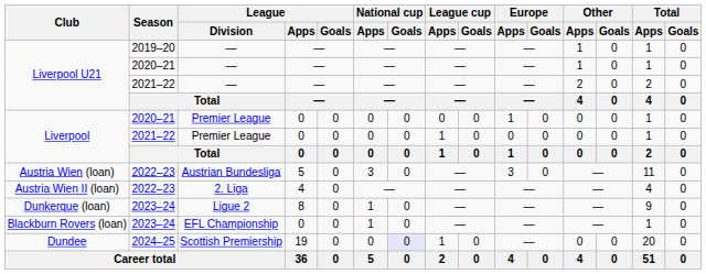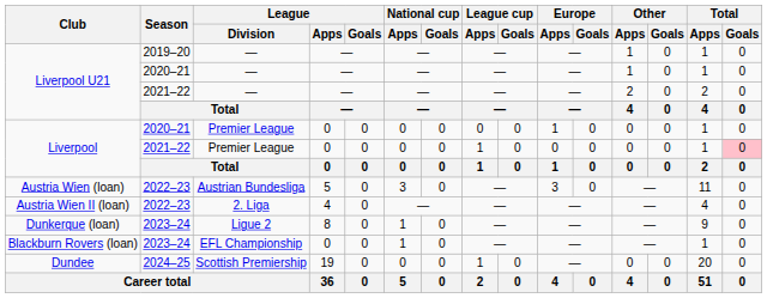 <table class="wikitable" style="text-align:center">
 <tr>
 <th rowspan=2>Club</th>
 <th rowspan=2>Season</th>
 <th colspan=3>League</th>
 <th colspan=2>National cup</th>
 <th colspan=2>League cup</th>
 <th colspan=2>Europe</th>
 <th colspan=2>Other</th>
 <th colspan=2>Total</th>
 </tr>
 <tr>
 <th>Division</th>
 <th>Apps</th>
 <th>Goals</th>
 <th>Apps</th>
 <th>Goals</th>
 <th>Apps</th>
 <th>Goals</th>
 <th>Apps</th>
 <th>Goals</th>
 <th>Apps</th>
 <th>Goals</th>
 <th>Apps</th>
 <th>Goals</th>
 </tr>
 <tr>
 <td rowspan="4"><a href='#'>Liverpool U21</a></td>
 <td>2019–20</td>
 <td colspan=1>—</td>
 <td colspan=2>—</td>
 <td colspan=2>—</td>
 <td colspan=2>—</td>
 <td colspan=2>—</td>
 <td>1</td>
 <td>0</td>
 <td>1</td>
 <td>0</td>
 </tr>
 <tr>
 <td>2020–21</td>
 <td colspan=1>—</td>
 <td colspan=2>—</td>
 <td colspan=2>—</td>
 <td colspan=2>—</td>
 <td colspan=2>—</td>
 <td>1</td>
 <td>0</td>
 <td>1</td>
 <td>0</td>
 </tr>
 <tr>
 <td>2021–22</td>
 <td colspan=1>—</td>
 <td colspan=2>—</td>
 <td colspan=2>—</td>
 <td colspan=2>—</td>
 <td colspan=2>—</td>
 <td>2</td>
 <td>0</td>
 <td>2</td>
 <td>0</td>
 </tr>
 <tr>
 <th colspan="2">Total</th>
 <th colspan=2>—</th>
 <th colspan=2>—</th>
 <th colspan=2>—</th>
 <th colspan=2>—</th>
 <th>4</th>
 <th>0</th>
 <th>4</th>
 <th>0</th>
 </tr>
 <tr>
 <td rowspan="3"><a href='#'>Liverpool</a></td>
 <td><a href='#'>2020–21</a></td>
 <td><a href='#'>Premier League</a></td>
 <td>0</td>
 <td>0</td>
 <td>0</td>
 <td>0</td>
 <td>0</td>
 <td>0</td>
 <td>1</td>
 <td>0</td>
 <td>0</td>
 <td>0</td>
 <td>1</td>
 <td>0</td>
 </tr>
 <tr>
 <td><a href='#'>2021–22</a></td>
 <td>Premier League</td>
 <td>0</td>
 <td>0</td>
 <td>0</td>
 <td>0</td>
 <td>1</td>
 <td>0</td>
 <td>0</td>
 <td>0</td>
 <td>0</td>
 <td>0</td>
 <td>1</td>
-<td>0</td>
+<td style="background: pink;">0</td>
 </tr>
 <tr>
 <th colspan="2">Total</th>
 <th>0</th>
 <th>0</th>
 <th>0</th>
 <th>0</th>
 <th>1</th>
 <th>0</th>
 <th>1</th>
 <th>0</th>
 <th>0</th>
 <th>0</th>
 <th>2</th>
 <th>0</th>
 </tr>
 <tr>
 <td><a href='#'>Austria Wien</a> (loan)</td>
 <td><a href='#'>2022–23</a></td>
 <td><a href='#'>Austrian Bundesliga</a></td>
 <td>5</td>
 <td>0</td>
 <td>3</td>
 <td>0</td>
 <td colspan="2">—</td>
 <td>3</td>
 <td>0</td>
 <td colspan="2">—</td>
 <td>11</td>
 <td>0</td>
 </tr>
 <tr>
 <td><a href='#'>Austria Wien II</a> (loan)</td>
 <td><a href='#'>2022–23</a></td>
 <td><a href='#'>2. Liga</a></td>
 <td>4</td>
 <td>0</td>
 <td colspan=2>—</td>
 <td colspan=2>—</td>
 <td colspan=2>—</td>
 <td colspan=2>—</td>
 <td>4</td>
 <td>0</td>
 </tr>
 <tr>
 <td><a href='#'>Dunkerque</a> (loan)</td>
 <td><a href='#'>2023–24</a></td>
 <td><a href='#'>Ligue 2</a></td>
 <td>8</td>
 <td>0</td>
 <td>1</td>
 <td>0</td>
 <td colspan="2">—</td>
 <td colspan="2">—</td>
 <td colspan="2">—</td>
 <td>9</td>
 <td>0</td>
 </tr>
 <tr>
 <td><a href='#'>Blackburn Rovers</a> (loan)</td>
 <td><a href='#'>2023–24</a></td>
 <td><a href='#'>EFL Championship</a></td>
 <td>0</td>
 <td>0</td>
 <td>1</td>
 <td>0</td>
 <td colspan="2">—</td>
 <td colspan="2">—</td>
 <td colspan="2">—</td>
 <td>1</td>
 <td>0</td>
 </tr>
 <tr>
 <td><a href='#'>Dundee</a></td>
 <td><a href='#'>2024–25</a></td>
 <td><a href='#'>Scottish Premiership</a></td>
 <td>19</td>
 <td>0</td>
 <td>0</td>
-<td style="background: lavender;">0</td>
+<td>0</td>
 <td>1</td>
 <td>0</td>
 <td colspan="2">—</td>
 <td>0</td>
 <td>0</td>
 <td>20</td>
 <td>0</td>
 </tr>
 <tr>
 <th colspan="3">Career total</th>
 <th>36</th>
 <th>0</th>
 <th>5</th>
 <th>0</th>
 <th>2</th>
 <th>0</th>
 <th>4</th>
 <th>0</th>
 <th>4</th>
 <th>0</th>
 <th>51</th>
 <th>0</th>
 </tr>
 </table>
